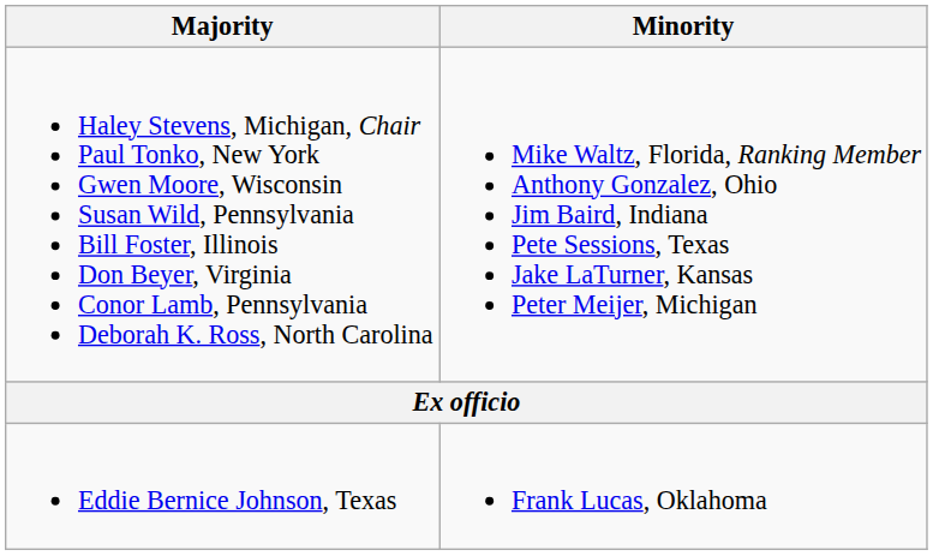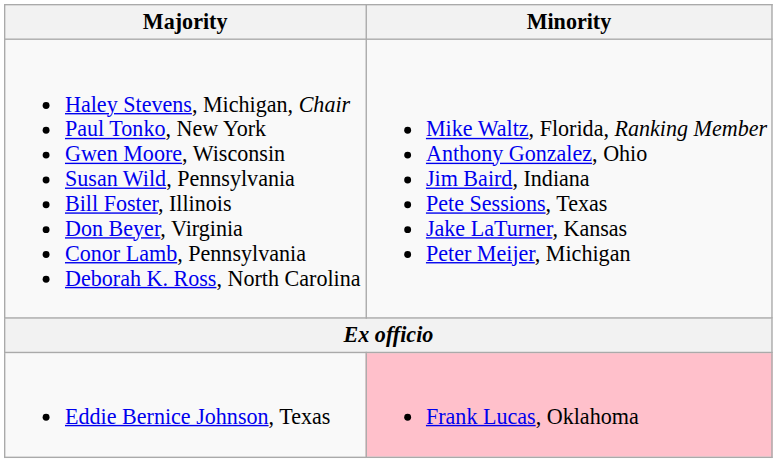 <table class="wikitable">
 <tr>
 <th>Majority</th>
 <th>Minority</th>
 </tr>
 <tr>
 <td><br><ul><li><a href='#'>Haley Stevens</a>, Michigan, <em>Chair</em></li><li><a href='#'>Paul Tonko</a>, New York</li><li><a href='#'>Gwen Moore</a>, Wisconsin</li><li><a href='#'>Susan Wild</a>, Pennsylvania</li><li><a href='#'>Bill Foster</a>, Illinois</li><li><a href='#'>Don Beyer</a>, Virginia</li><li><a href='#'>Conor Lamb</a>, Pennsylvania</li><li><a href='#'>Deborah K. Ross</a>, North Carolina</li></ul></td>
 <td><br><ul><li><a href='#'>Mike Waltz</a>, Florida, <em>Ranking Member</em></li><li><a href='#'>Anthony Gonzalez</a>, Ohio</li><li><a href='#'>Jim Baird</a>, Indiana</li><li><a href='#'>Pete Sessions</a>, Texas</li><li><a href='#'>Jake LaTurner</a>, Kansas</li><li><a href='#'>Peter Meijer</a>, Michigan</li></ul></td>
 </tr>
 <tr>
 <th colspan="2"><em>Ex officio</em></th>
 </tr>
 <tr>
 <td><br><ul><li><a href='#'>Eddie Bernice Johnson</a>, Texas</li></ul></td>
-<td><br><ul><li><a href='#'>Frank Lucas</a>, Oklahoma</li></ul></td>
+<td style="background: pink;"><br><ul><li><a href='#'>Frank Lucas</a>, Oklahoma</li></ul></td>
 </tr>
 </table>
